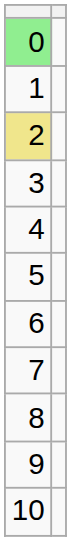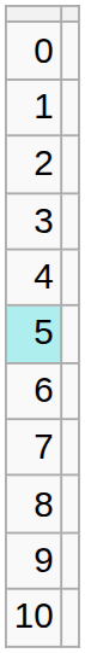 <table class="wikitable" style="text-align: right;">
 <tr>
 <th></th>
 <th></th>
 </tr>
 <tr>
-<td style="background: lightgreen;">0</td>
+<td>0</td>
 <td></td>
 </tr>
 <tr>
 <td>1</td>
 <td></td>
 </tr>
 <tr>
-<td style="background: khaki;">2</td>
+<td>2</td>
 <td></td>
 </tr>
 <tr>
 <td>3</td>
 <td></td>
 </tr>
 <tr>
 <td>4</td>
 <td></td>
 </tr>
 <tr>
-<td>5</td>
+<td style="background: paleturquoise;">5</td>
 <td></td>
 </tr>
 <tr>
 <td>6</td>
 <td></td>
 </tr>
 <tr>
 <td>7</td>
 <td></td>
 </tr>
 <tr>
 <td>8</td>
 <td></td>
 </tr>
 <tr>
 <td>9</td>
 <td></td>
 </tr>
 <tr>
 <td>10</td>
 <td></td>
 </tr>
 </table>
